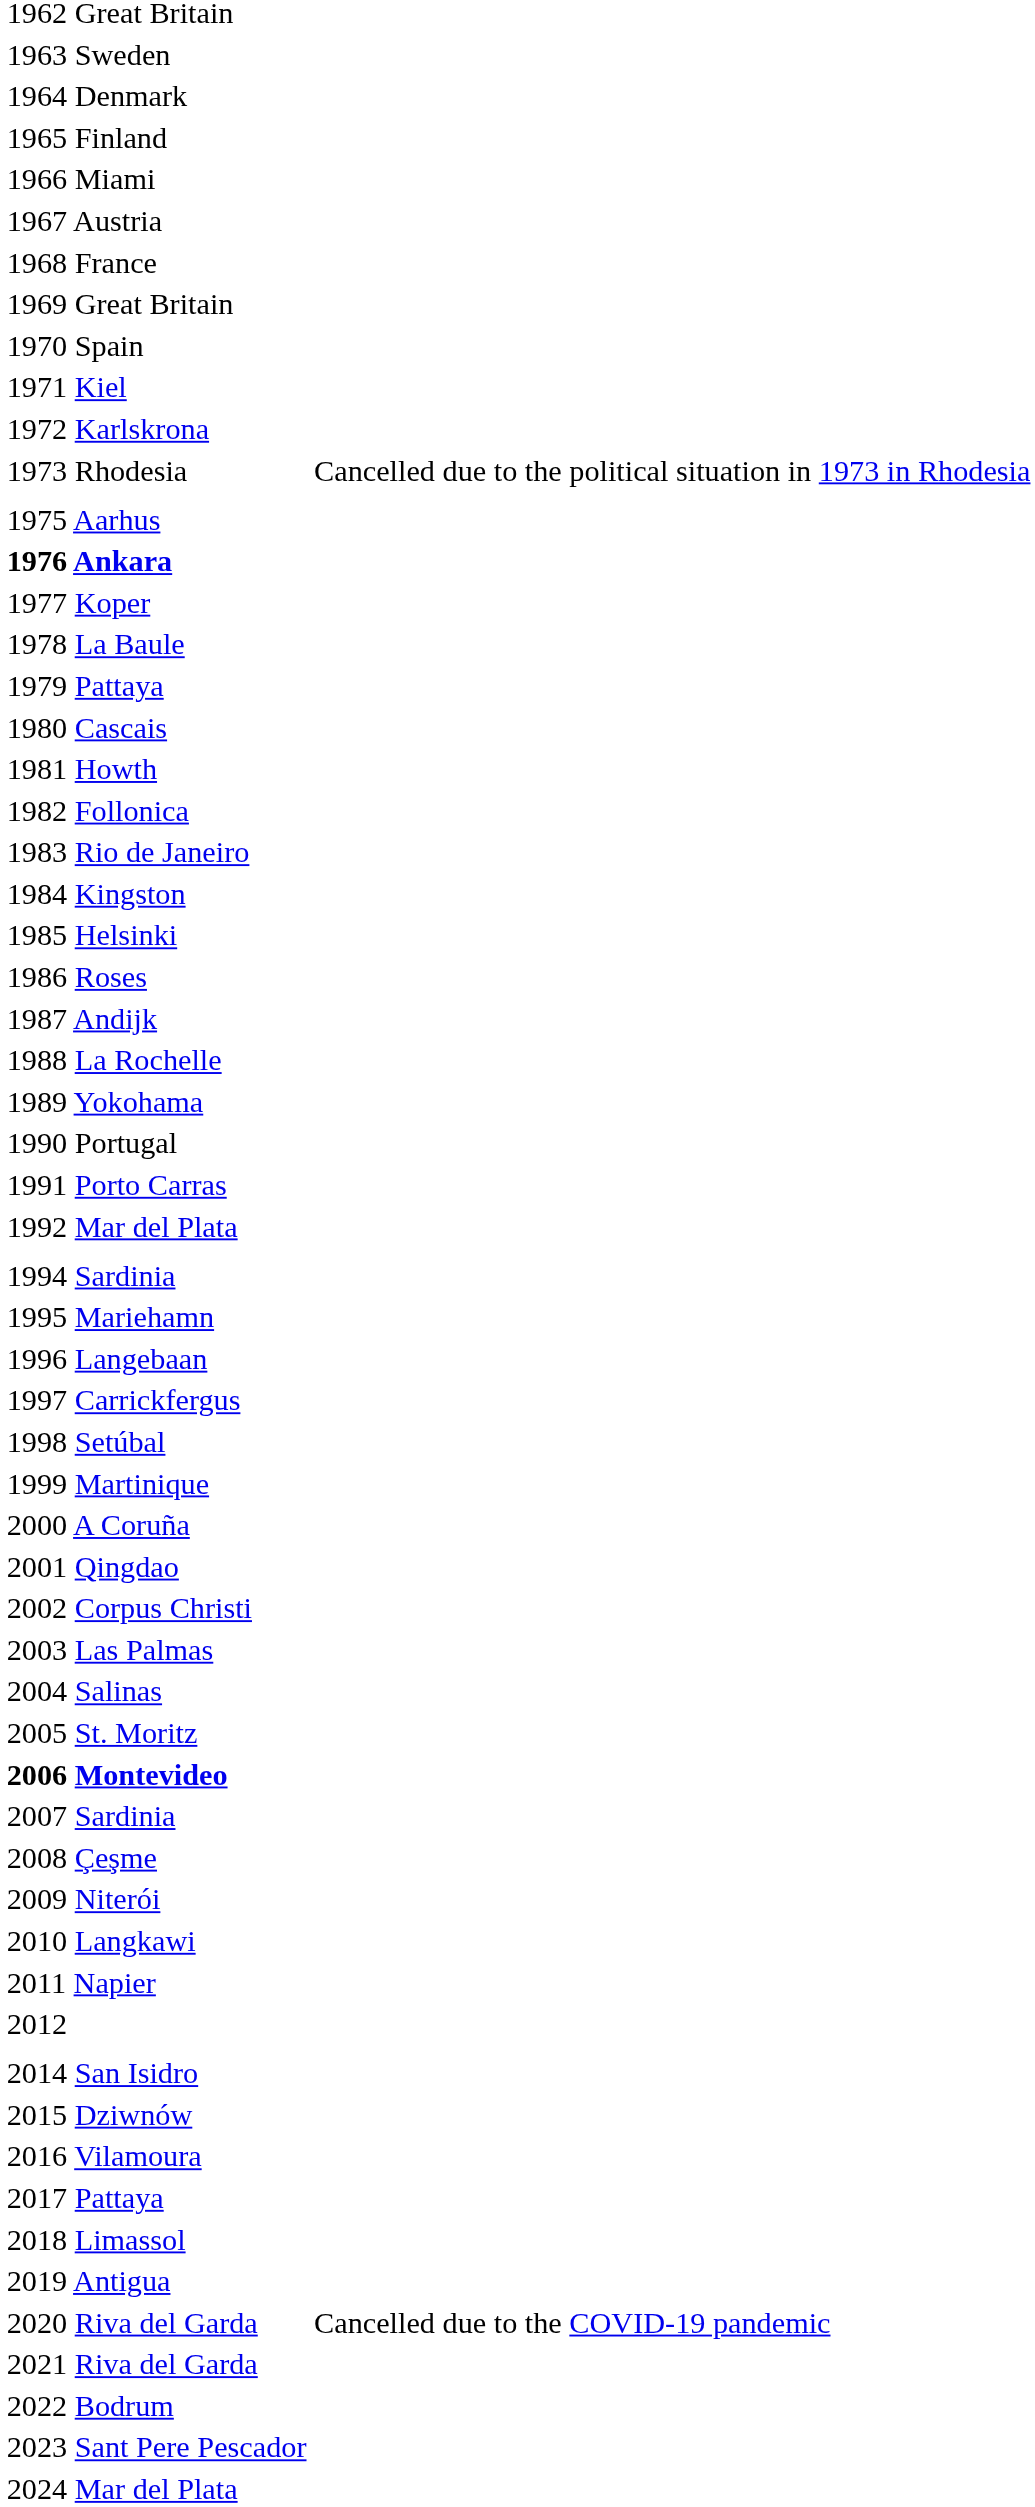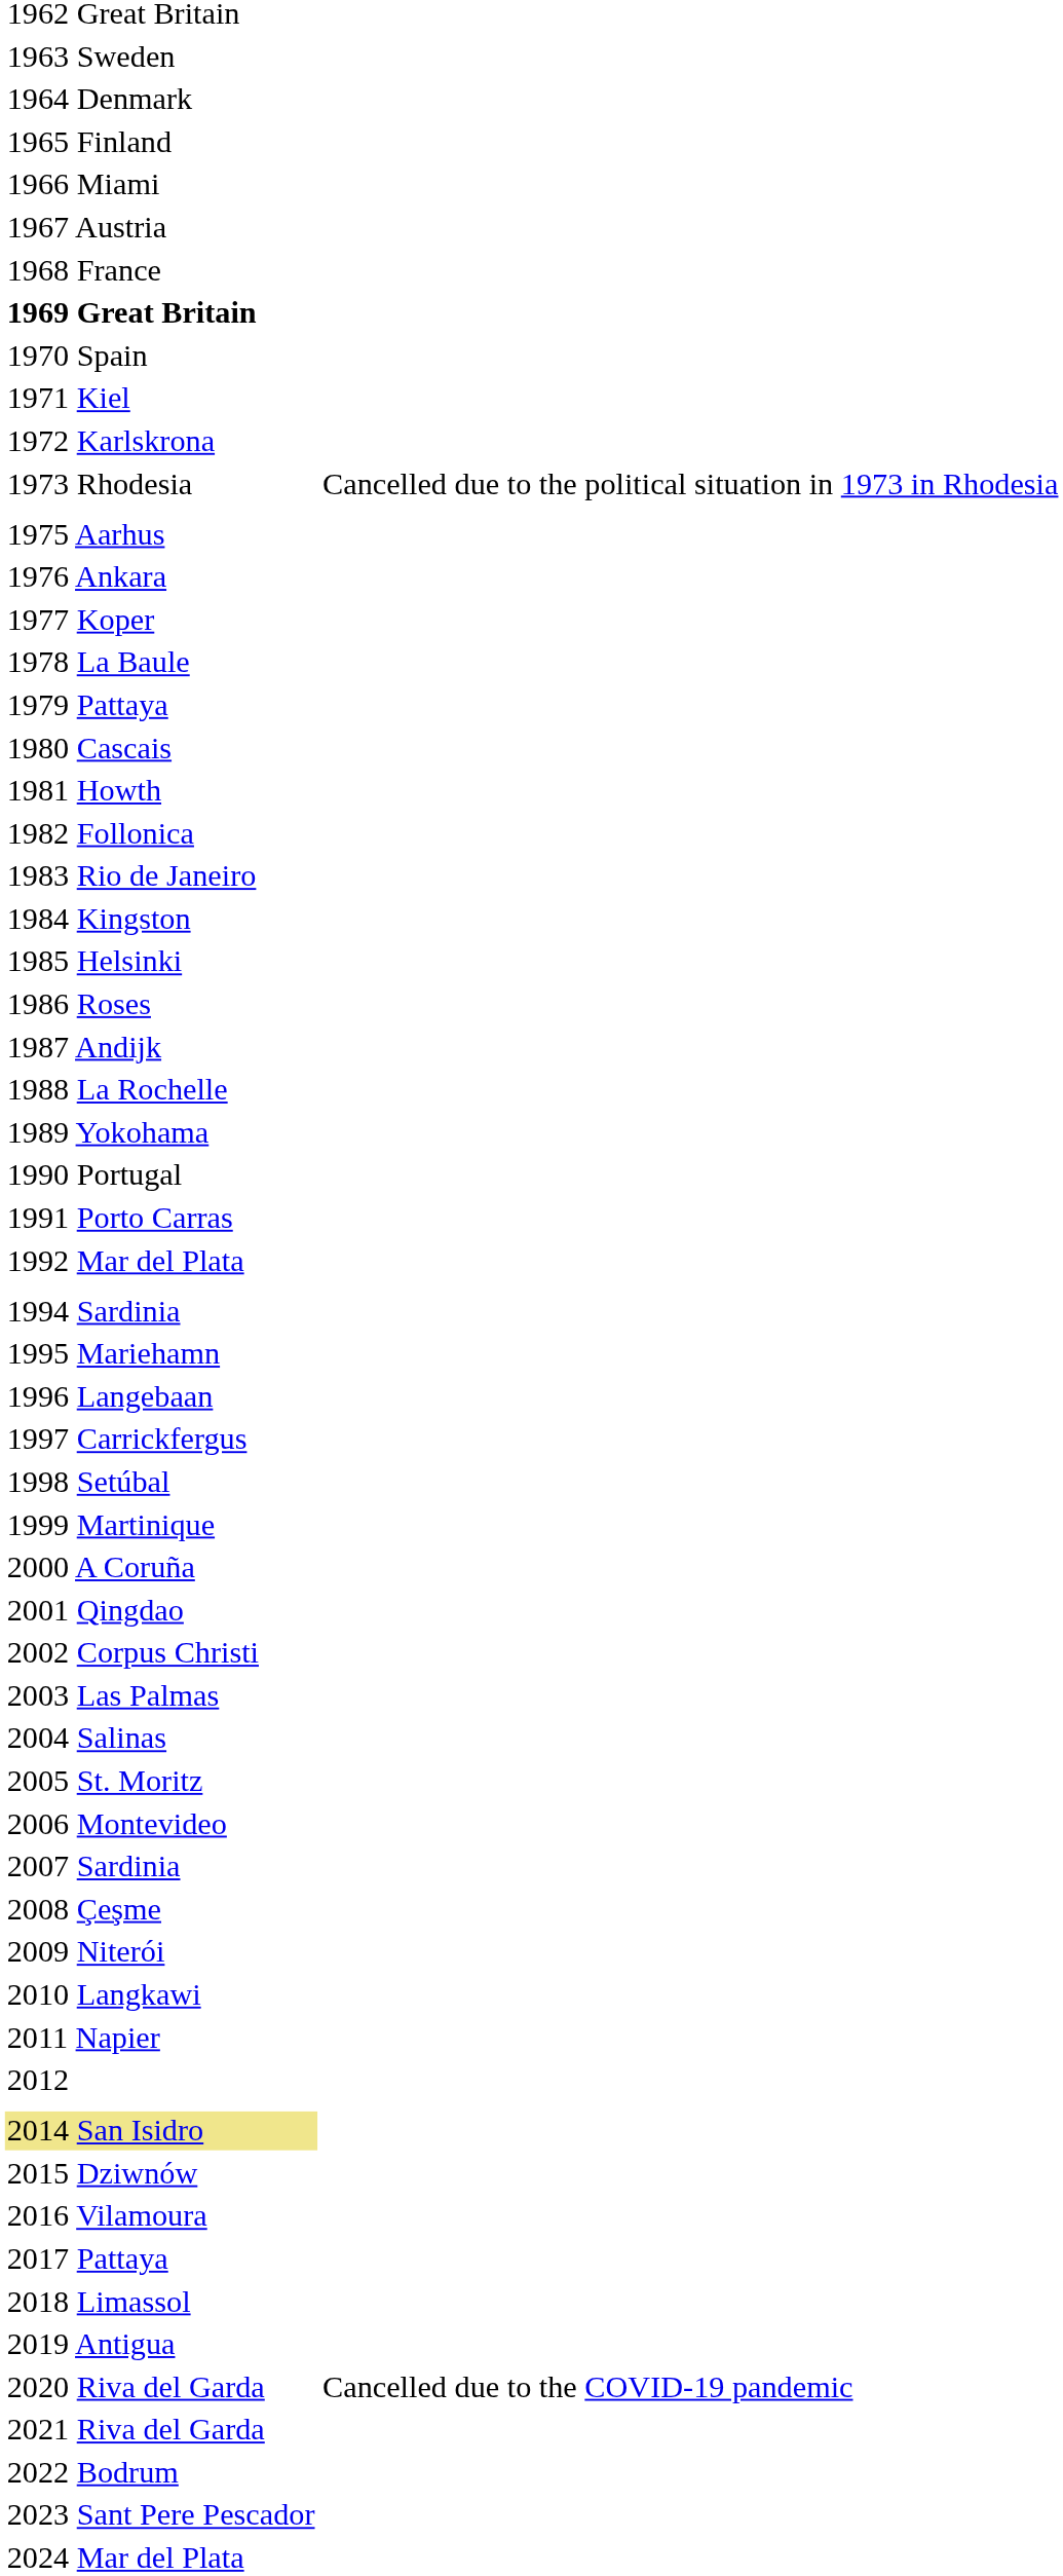 <table>
 <tr>
 <td>1962 Great Britain</td>
 <td></td>
 <td></td>
 <td></td>
 </tr>
 <tr>
 <td>1963 Sweden</td>
 <td></td>
 <td></td>
 <td></td>
 </tr>
 <tr>
 <td>1964 Denmark</td>
 <td></td>
 <td></td>
 <td></td>
 </tr>
 <tr>
 <td>1965 Finland</td>
 <td></td>
 <td></td>
 <td></td>
 </tr>
 <tr>
 <td>1966 Miami</td>
 <td></td>
 <td></td>
 <td></td>
 </tr>
 <tr>
 <td>1967 Austria</td>
 <td></td>
 <td></td>
 <td></td>
 </tr>
 <tr>
 <td>1968 France</td>
 <td></td>
 <td></td>
 <td></td>
 </tr>
 <tr>
-<td>1969 Great Britain</td>
+<td><strong>1969 Great Britain</strong></td>
 <td></td>
 <td></td>
 <td></td>
 </tr>
 <tr>
 <td>1970 Spain</td>
 <td></td>
 <td></td>
 <td></td>
 </tr>
 <tr>
 <td>1971 <a href='#'>Kiel</a></td>
 <td></td>
 <td></td>
 <td></td>
 </tr>
 <tr>
 <td>1972 <a href='#'>Karlskrona</a></td>
 <td></td>
 <td></td>
 <td></td>
 </tr>
 <tr>
 <td>1973 Rhodesia</td>
 <td colspan = 3>Cancelled due to the political situation in <a href='#'>1973 in Rhodesia</a></td>
 <td></td>
 </tr>
 <tr>
 <td></td>
 <td></td>
 <td></td>
 <td></td>
 </tr>
 <tr>
 <td>1975 <a href='#'>Aarhus</a></td>
 <td></td>
 <td></td>
 <td></td>
 </tr>
 <tr>
-<td><strong>1976 <a href='#'>Ankara</a></strong></td>
+<td>1976 <a href='#'>Ankara</a></td>
 <td></td>
 <td></td>
 <td></td>
 </tr>
 <tr>
 <td>1977 <a href='#'>Koper</a></td>
 <td></td>
 <td></td>
 <td></td>
 </tr>
 <tr>
 <td>1978 <a href='#'>La Baule</a></td>
 <td></td>
 <td></td>
 <td></td>
 </tr>
 <tr>
 <td>1979 <a href='#'>Pattaya</a></td>
 <td></td>
 <td></td>
 <td></td>
 </tr>
 <tr>
 <td>1980 <a href='#'>Cascais</a></td>
 <td></td>
 <td></td>
 <td></td>
 </tr>
 <tr>
 <td>1981 <a href='#'>Howth</a></td>
 <td></td>
 <td></td>
 <td></td>
 </tr>
 <tr>
 <td>1982 <a href='#'>Follonica</a></td>
 <td></td>
 <td></td>
 <td></td>
 </tr>
 <tr>
 <td>1983 <a href='#'>Rio de Janeiro</a></td>
 <td></td>
 <td></td>
 <td></td>
 <td></td>
 </tr>
 <tr>
 <td>1984 <a href='#'>Kingston</a></td>
 <td></td>
 <td></td>
 <td></td>
 </tr>
 <tr>
 <td>1985 <a href='#'>Helsinki</a></td>
 <td></td>
 <td></td>
 <td></td>
 </tr>
 <tr>
 <td>1986 <a href='#'>Roses</a></td>
 <td></td>
 <td></td>
 <td></td>
 </tr>
 <tr>
 <td>1987 <a href='#'>Andijk</a></td>
 <td></td>
 <td></td>
 <td></td>
 </tr>
 <tr>
 <td>1988 <a href='#'>La Rochelle</a></td>
 <td></td>
 <td></td>
 <td></td>
 </tr>
 <tr>
 <td>1989 <a href='#'>Yokohama</a></td>
 <td></td>
 <td></td>
 <td></td>
 </tr>
 <tr>
 <td>1990 Portugal</td>
 <td></td>
 <td></td>
 <td></td>
 </tr>
 <tr>
 <td>1991 <a href='#'>Porto Carras</a></td>
 <td></td>
 <td></td>
 <td></td>
 </tr>
 <tr>
 <td>1992 <a href='#'>Mar del Plata</a></td>
 <td></td>
 <td></td>
 <td></td>
 </tr>
 <tr>
 <td></td>
 <td></td>
 <td></td>
 <td></td>
 </tr>
 <tr>
 <td>1994 <a href='#'>Sardinia</a></td>
 <td></td>
 <td></td>
 <td></td>
 <td></td>
 </tr>
 <tr>
 <td>1995 <a href='#'>Mariehamn</a></td>
 <td></td>
 <td></td>
 <td></td>
 <td></td>
 </tr>
 <tr>
 <td>1996 <a href='#'>Langebaan</a></td>
 <td></td>
 <td></td>
 <td></td>
 <td></td>
 </tr>
 <tr>
 <td>1997 <a href='#'>Carrickfergus</a></td>
 <td></td>
 <td></td>
 <td></td>
 <td></td>
 </tr>
 <tr>
 <td>1998 <a href='#'>Setúbal</a></td>
 <td></td>
 <td></td>
 <td></td>
 <td></td>
 </tr>
 <tr>
 <td>1999 <a href='#'>Martinique</a></td>
 <td></td>
 <td></td>
 <td></td>
 <td></td>
 </tr>
 <tr>
 <td>2000 <a href='#'>A Coruña</a></td>
 <td></td>
 <td></td>
 <td></td>
 <td></td>
 </tr>
 <tr>
 <td>2001 <a href='#'>Qingdao</a></td>
 <td></td>
 <td></td>
 <td></td>
 <td></td>
 </tr>
 <tr>
 <td>2002 <a href='#'>Corpus Christi</a></td>
 <td></td>
 <td></td>
 <td></td>
 <td></td>
 </tr>
 <tr>
 <td>2003 <a href='#'>Las Palmas</a></td>
 <td></td>
 <td></td>
 <td></td>
 <td></td>
 </tr>
 <tr>
 <td>2004 <a href='#'>Salinas</a></td>
 <td></td>
 <td></td>
 <td></td>
 <td></td>
 </tr>
 <tr>
 <td>2005 <a href='#'>St. Moritz</a></td>
 <td></td>
 <td></td>
 <td></td>
 <td></td>
 </tr>
 <tr>
-<td><strong>2006 <a href='#'>Montevideo</a></strong></td>
+<td>2006 <a href='#'>Montevideo</a></td>
 <td></td>
 <td></td>
 <td></td>
 <td></td>
 </tr>
 <tr>
 <td>2007 <a href='#'>Sardinia</a></td>
 <td></td>
 <td></td>
 <td></td>
 <td></td>
 </tr>
 <tr>
 <td>2008 <a href='#'>Çeşme</a></td>
 <td></td>
 <td></td>
 <td></td>
 <td></td>
 </tr>
 <tr>
 <td>2009 <a href='#'>Niterói</a></td>
 <td></td>
 <td></td>
 <td></td>
 <td></td>
 </tr>
 <tr>
 <td>2010 <a href='#'>Langkawi</a></td>
 <td></td>
 <td></td>
 <td></td>
 <td></td>
 </tr>
 <tr>
 <td>2011 <a href='#'>Napier</a></td>
 <td></td>
 <td></td>
 <td></td>
 <td></td>
 </tr>
 <tr>
 <td>2012</td>
 <td></td>
 <td></td>
 <td></td>
 <td></td>
 </tr>
 <tr>
 <td></td>
 <td></td>
 <td></td>
 <td></td>
 <td></td>
 </tr>
 <tr>
-<td>2014 <a href='#'>San Isidro</a></td>
+<td style="background: khaki;">2014 <a href='#'>San Isidro</a></td>
 <td></td>
 <td nowrap></td>
 <td></td>
 <td></td>
 </tr>
 <tr>
 <td>2015 <a href='#'>Dziwnów</a></td>
 <td></td>
 <td></td>
 <td></td>
 <td></td>
 </tr>
 <tr>
 <td>2016 <a href='#'>Vilamoura</a></td>
 <td></td>
 <td></td>
 <td></td>
 <td></td>
 </tr>
 <tr>
 <td>2017 <a href='#'>Pattaya</a></td>
 <td></td>
 <td></td>
 <td></td>
 <td></td>
 </tr>
 <tr>
 <td>2018 <a href='#'>Limassol</a></td>
 <td></td>
 <td></td>
 <td></td>
 <td></td>
 </tr>
 <tr>
 <td>2019 <a href='#'>Antigua</a></td>
 <td></td>
 <td></td>
 <td></td>
 <td></td>
 </tr>
 <tr>
 <td>2020 <a href='#'>Riva del Garda</a></td>
 <td colspan = 3>Cancelled due to the <a href='#'>COVID-19 pandemic</a></td>
 <td></td>
 </tr>
 <tr>
 <td>2021 <a href='#'>Riva del Garda</a></td>
 <td></td>
 <td></td>
 <td></td>
 <td></td>
 </tr>
 <tr>
 <td>2022 <a href='#'>Bodrum</a></td>
 <td></td>
 <td></td>
 <td></td>
 <td></td>
 </tr>
 <tr>
 <td>2023 <a href='#'>Sant Pere Pescador</a></td>
 <td></td>
 <td></td>
 <td></td>
 <td></td>
 </tr>
 <tr>
 <td>2024 <a href='#'>Mar del Plata</a></td>
 <td></td>
 <td></td>
 <td></td>
 <td></td>
 </tr>
 </table>
